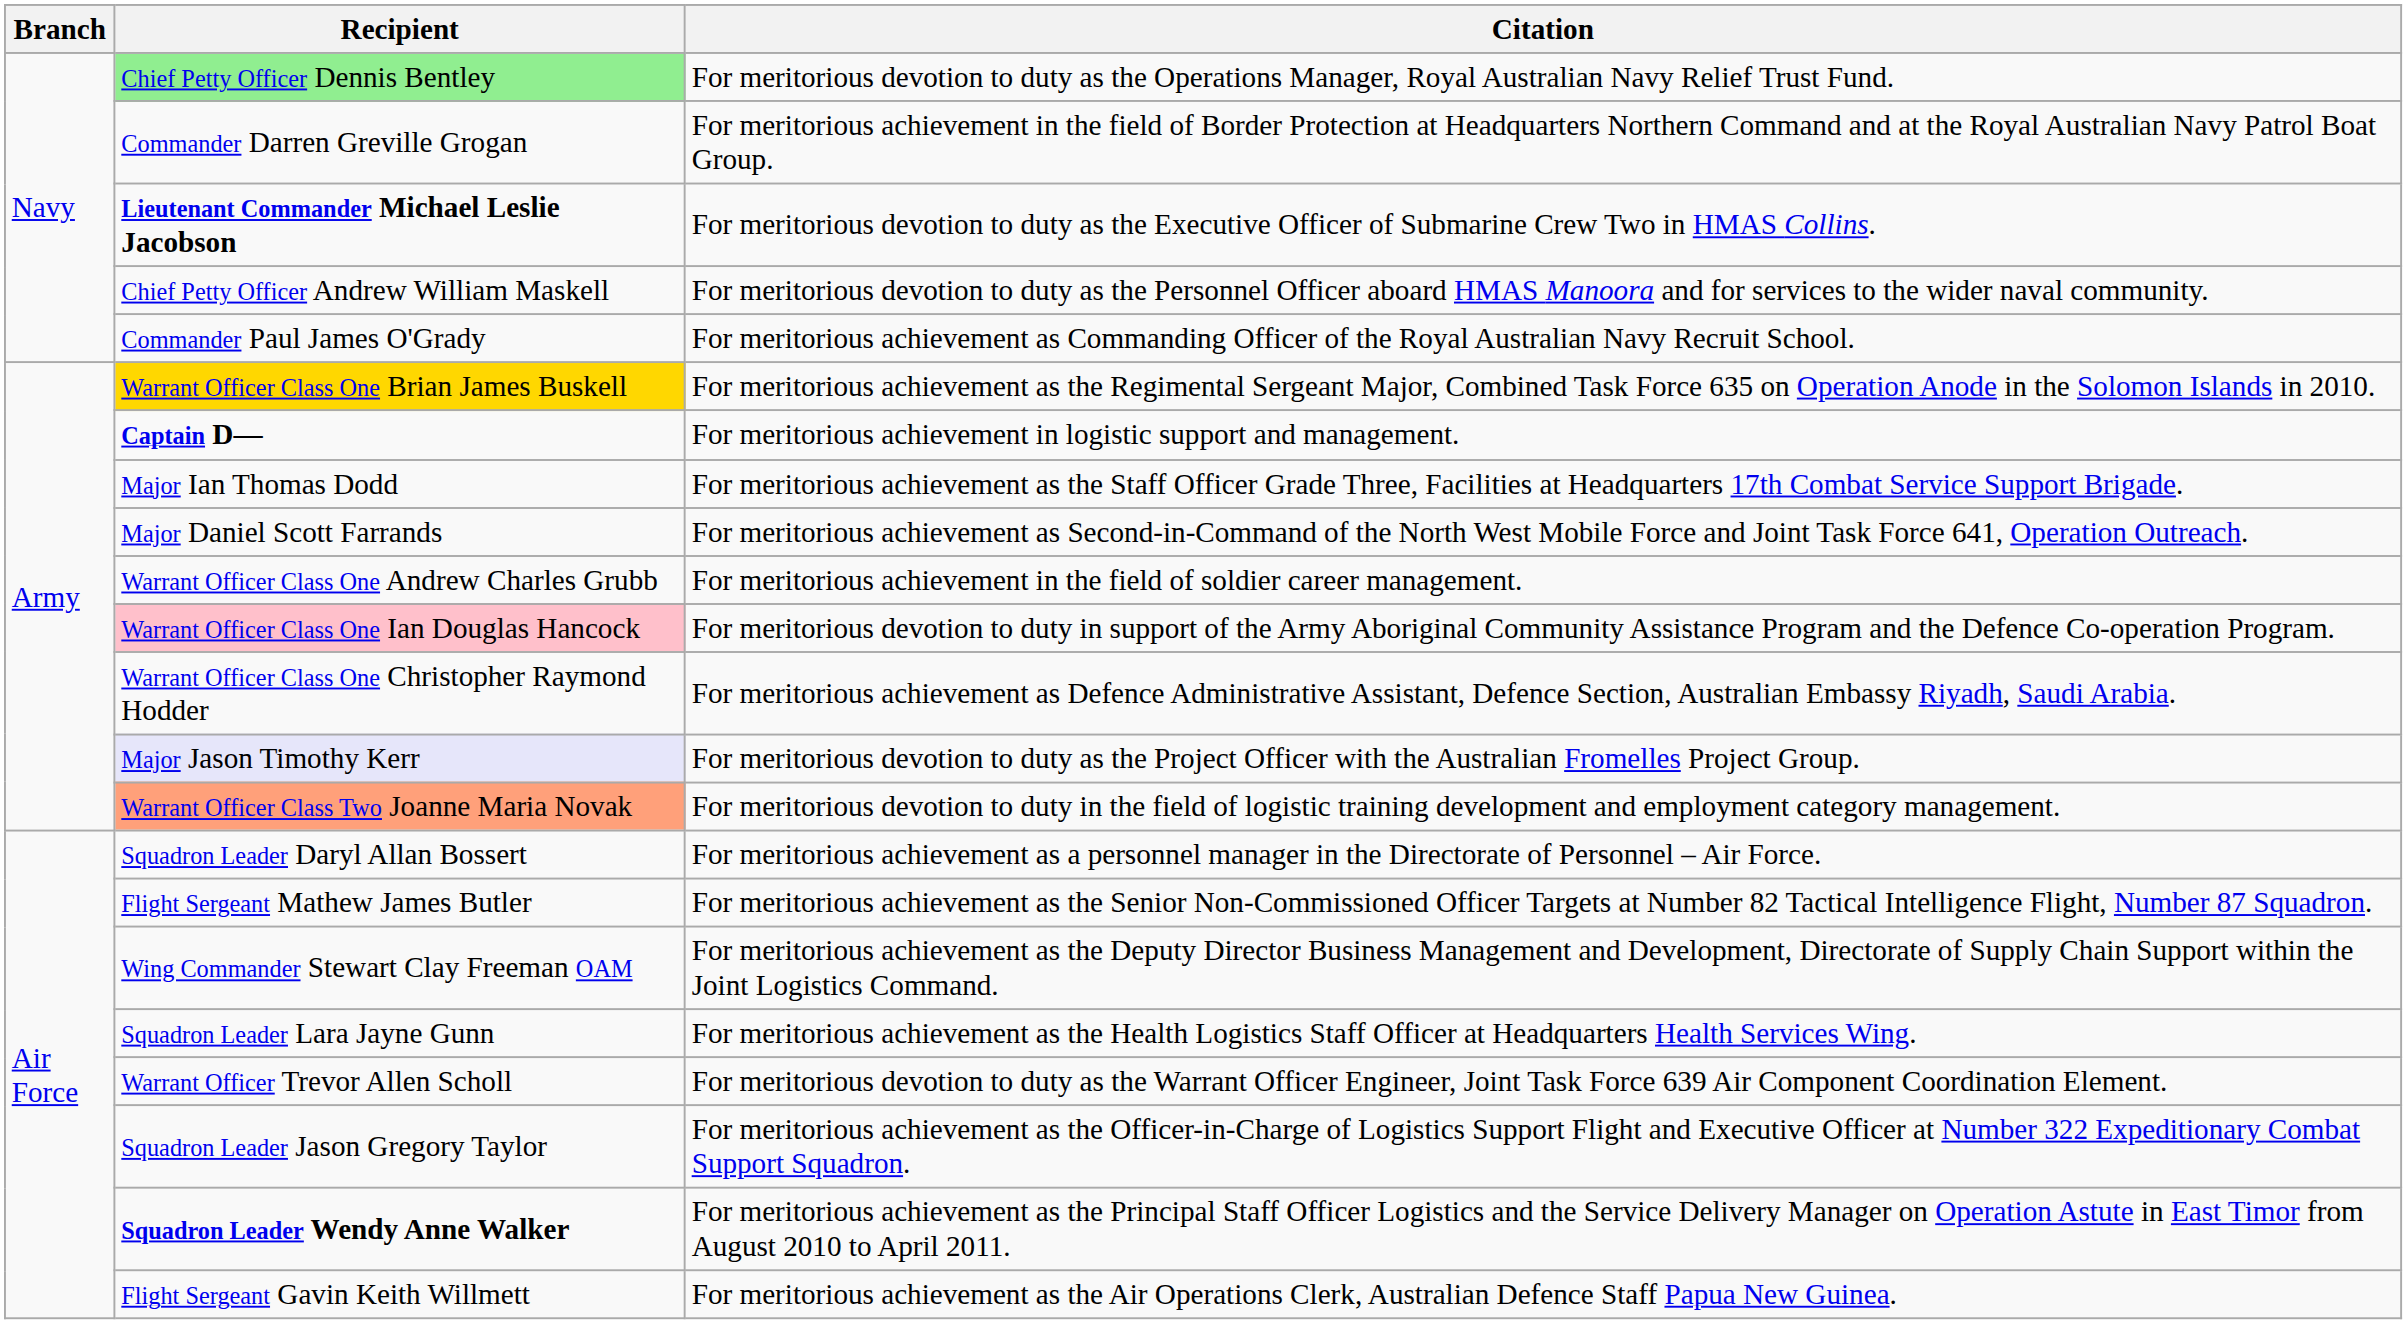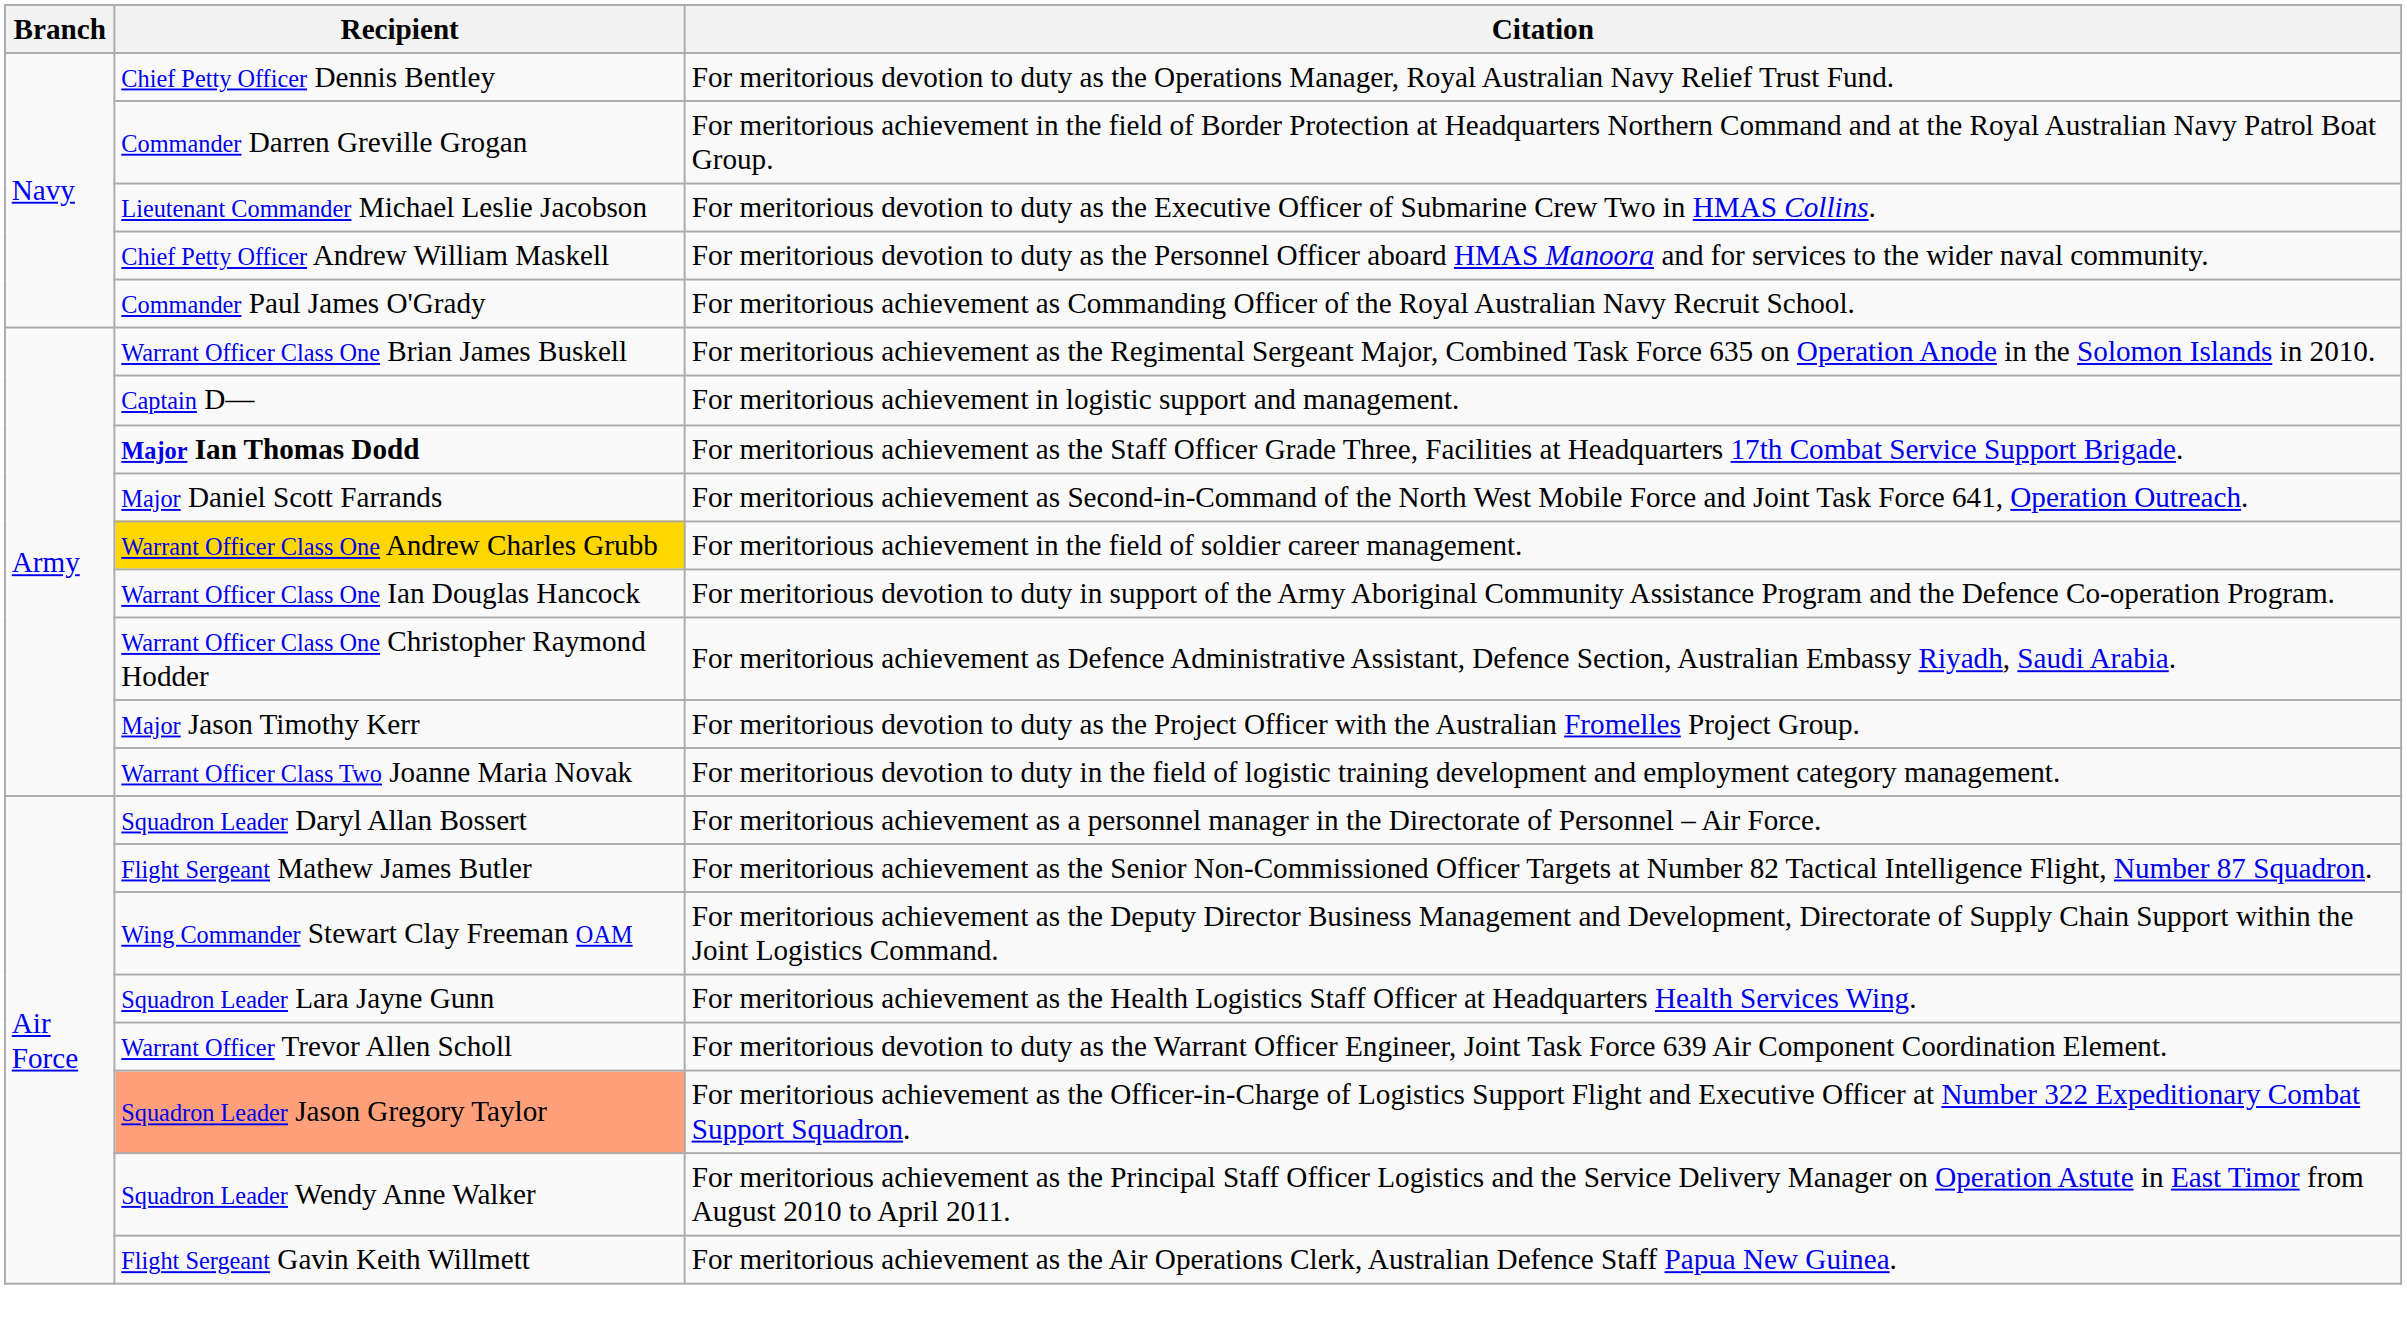 <table class="wikitable" style="font-size:95%;">
 <tr>
 <th scope="col" width="50">Branch</th>
 <th scope="col" width="290">Recipient</th>
 <th>Citation</th>
 </tr>
 <tr>
 <td rowspan="5"><a href='#'>Navy</a></td>
-<td style="background: lightgreen;"><small><a href='#'>Chief Petty Officer</a></small> Dennis Bentley</td>
+<td><small><a href='#'>Chief Petty Officer</a></small> Dennis Bentley</td>
 <td>For meritorious devotion to duty as the Operations Manager, Royal Australian Navy Relief Trust Fund.</td>
 </tr>
 <tr>
 <td><small><a href='#'>Commander</a></small> Darren Greville Grogan</td>
 <td>For meritorious achievement in the field of Border Protection at Headquarters Northern Command and at the Royal Australian Navy Patrol Boat Group.</td>
 </tr>
 <tr>
-<td><strong><small><a href='#'>Lieutenant Commander</a></small> Michael Leslie Jacobson</strong></td>
+<td><small><a href='#'>Lieutenant Commander</a></small> Michael Leslie Jacobson</td>
 <td>For meritorious devotion to duty as the Executive Officer of Submarine Crew Two in <a href='#'>HMAS <em>Collins</em></a>.</td>
 </tr>
 <tr>
 <td><small><a href='#'>Chief Petty Officer</a></small> Andrew William Maskell</td>
 <td>For meritorious devotion to duty as the Personnel Officer aboard <a href='#'>HMAS <em>Manoora</em></a> and for services to the wider naval community.</td>
 </tr>
 <tr>
 <td><small><a href='#'>Commander</a></small> Paul James O'Grady</td>
 <td>For meritorious achievement as Commanding Officer of the Royal Australian Navy Recruit School.</td>
 </tr>
 <tr>
 <td rowspan="9"><a href='#'>Army</a></td>
-<td style="background: gold;"><small><a href='#'>Warrant Officer Class One</a></small> Brian James Buskell</td>
+<td><small><a href='#'>Warrant Officer Class One</a></small> Brian James Buskell</td>
 <td>For meritorious achievement as the Regimental Sergeant Major, Combined Task Force 635 on <a href='#'>Operation Anode</a> in the <a href='#'>Solomon Islands</a> in 2010.</td>
 </tr>
 <tr>
-<td><strong><small><a href='#'>Captain</a></small> D—</strong></td>
+<td><small><a href='#'>Captain</a></small> D—</td>
 <td>For meritorious achievement in logistic support and management.</td>
 </tr>
 <tr>
-<td><small><a href='#'>Major</a></small> Ian Thomas Dodd</td>
+<td><strong><small><a href='#'>Major</a></small> Ian Thomas Dodd</strong></td>
 <td>For meritorious achievement as the Staff Officer Grade Three, Facilities at Headquarters <a href='#'>17th Combat Service Support Brigade</a>.</td>
 </tr>
 <tr>
 <td><small><a href='#'>Major</a></small> Daniel Scott Farrands</td>
 <td>For meritorious achievement as Second-in-Command of the North West Mobile Force and Joint Task Force 641, <a href='#'>Operation Outreach</a>.</td>
 </tr>
 <tr>
-<td><small><a href='#'>Warrant Officer Class One</a></small> Andrew Charles Grubb</td>
+<td style="background: gold;"><small><a href='#'>Warrant Officer Class One</a></small> Andrew Charles Grubb</td>
 <td>For meritorious achievement in the field of soldier career management.</td>
 </tr>
 <tr>
-<td style="background: pink;"><small><a href='#'>Warrant Officer Class One</a></small> Ian Douglas Hancock</td>
+<td><small><a href='#'>Warrant Officer Class One</a></small> Ian Douglas Hancock</td>
 <td>For meritorious devotion to duty in support of the Army Aboriginal Community Assistance Program and the Defence Co-operation Program.</td>
 </tr>
 <tr>
 <td><small><a href='#'>Warrant Officer Class One</a></small> Christopher Raymond Hodder</td>
 <td>For meritorious achievement as Defence Administrative Assistant, Defence Section, Australian Embassy <a href='#'>Riyadh</a>, <a href='#'>Saudi Arabia</a>.</td>
 </tr>
 <tr>
-<td style="background: lavender;"><small><a href='#'>Major</a></small> Jason Timothy Kerr</td>
+<td><small><a href='#'>Major</a></small> Jason Timothy Kerr</td>
 <td>For meritorious devotion to duty as the Project Officer with the Australian <a href='#'>Fromelles</a> Project Group.</td>
 </tr>
 <tr>
-<td style="background: lightsalmon;"><small><a href='#'>Warrant Officer Class Two</a></small> Joanne Maria Novak</td>
+<td><small><a href='#'>Warrant Officer Class Two</a></small> Joanne Maria Novak</td>
 <td>For meritorious devotion to duty in the field of logistic training development and employment category management.</td>
 </tr>
 <tr>
 <td rowspan="8"><a href='#'>Air Force</a></td>
 <td><small><a href='#'>Squadron Leader</a></small> Daryl Allan Bossert</td>
 <td>For meritorious achievement as a personnel manager in the Directorate of Personnel – Air Force.</td>
 </tr>
 <tr>
 <td><small><a href='#'>Flight Sergeant</a></small> Mathew James Butler</td>
 <td>For meritorious achievement as the Senior Non-Commissioned Officer Targets at Number 82 Tactical Intelligence Flight, <a href='#'>Number 87 Squadron</a>.</td>
 </tr>
 <tr>
 <td><small><a href='#'>Wing Commander</a></small> Stewart Clay Freeman <small><a href='#'>OAM</a></small></td>
 <td>For meritorious achievement as the Deputy Director Business Management and Development, Directorate of Supply Chain Support within the Joint Logistics Command.</td>
 </tr>
 <tr>
 <td><small><a href='#'>Squadron Leader</a></small> Lara Jayne Gunn</td>
 <td>For meritorious achievement as the Health Logistics Staff Officer at Headquarters <a href='#'>Health Services Wing</a>.</td>
 </tr>
 <tr>
 <td><small><a href='#'>Warrant Officer</a></small> Trevor Allen Scholl</td>
 <td>For meritorious devotion to duty as the Warrant Officer Engineer, Joint Task Force 639 Air Component Coordination Element.</td>
 </tr>
 <tr>
-<td><small><a href='#'>Squadron Leader</a></small> Jason Gregory Taylor</td>
+<td style="background: lightsalmon;"><small><a href='#'>Squadron Leader</a></small> Jason Gregory Taylor</td>
 <td>For meritorious achievement as the Officer-in-Charge of Logistics Support Flight and Executive Officer at <a href='#'>Number 322 Expeditionary Combat Support Squadron</a>.</td>
 </tr>
 <tr>
-<td><strong><small><a href='#'>Squadron Leader</a></small> Wendy Anne Walker</strong></td>
+<td><small><a href='#'>Squadron Leader</a></small> Wendy Anne Walker</td>
 <td>For meritorious achievement as the Principal Staff Officer Logistics and the Service Delivery Manager on <a href='#'>Operation Astute</a> in <a href='#'>East Timor</a> from August 2010 to April 2011.</td>
 </tr>
 <tr>
 <td><small><a href='#'>Flight Sergeant</a></small> Gavin Keith Willmett</td>
 <td>For meritorious achievement as the Air Operations Clerk, Australian Defence Staff <a href='#'>Papua New Guinea</a>.</td>
 </tr>
 </table>
